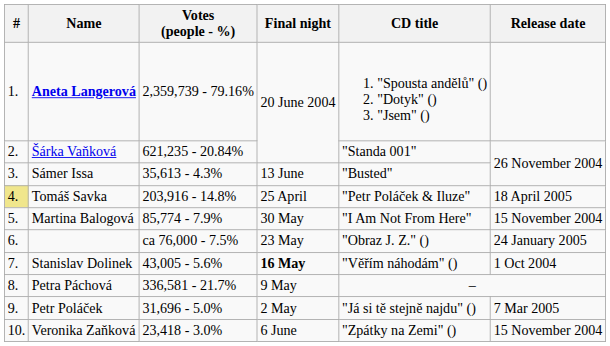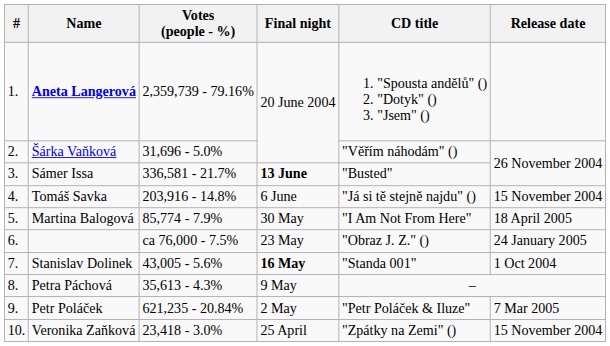 <table class=wikitable>
 <tr>
 <th>#</th>
 <th>Name</th>
 <th>Votes <br>(people - %)</th>
 <th>Final night</th>
 <th>CD title</th>
 <th>Release date</th>
 </tr>
 <tr>
 <td>1.</td>
 <td><strong><a href='#'>Aneta Langerová</a></strong></td>
 <td>2,359,739 - 79.16%</td>
 <td rowspan = 2>20 June 2004</td>
 <td><br><ol><li>"Spousta andělů" ()</li><li>"Dotyk" ()</li><li>"Jsem" ()</li></ol></td>
 <td></td>
 </tr>
 <tr>
 <td>2.</td>
 <td><a href='#'>Šárka Vaňková</a></td>
-<td>621,235 - 20.84%</td>
-<td>"Standa 001"</td>
+<td>31,696 - 5.0%</td>
+<td>"Věřím náhodám" ()</td>
 <td rowspan=2>26 November 2004</td>
 </tr>
 <tr>
 <td>3.</td>
 <td>Sámer Issa</td>
-<td>35,613 - 4.3%</td>
-<td>13 June</td>
+<td>336,581 - 21.7%</td>
+<td><strong>13 June</strong></td>
 <td>"Busted"</td>
 </tr>
 <tr>
-<td style="background: khaki;">4.</td>
+<td>4.</td>
 <td>Tomáš Savka</td>
 <td>203,916 - 14.8%</td>
-<td>25 April</td>
-<td>"Petr Poláček & Iluze"</td>
-<td>18 April 2005</td>
+<td>6 June</td>
+<td>"Já si tě stejně najdu" ()</td>
+<td>15 November 2004</td>
 </tr>
 <tr>
 <td>5.</td>
 <td>Martina Balogová</td>
 <td>85,774 - 7.9%</td>
 <td>30 May</td>
 <td>"I Am Not From Here"</td>
-<td>15 November 2004</td>
+<td>18 April 2005</td>
 </tr>
 <tr>
 <td>6.</td>
 <td></td>
 <td>ca 76,000 - 7.5%</td>
 <td>23 May</td>
 <td>"Obraz J. Z." ()</td>
 <td>24 January 2005</td>
 </tr>
 <tr>
 <td>7.</td>
 <td>Stanislav Dolinek</td>
 <td>43,005 - 5.6%</td>
 <td><strong>16 May</strong></td>
-<td>"Věřím náhodám" ()</td>
+<td>"Standa 001"</td>
 <td>1 Oct 2004</td>
 </tr>
 <tr>
 <td>8.</td>
 <td>Petra Páchová</td>
-<td>336,581 - 21.7%</td>
+<td>35,613 - 4.3%</td>
 <td>9 May</td>
 <td colspan=2 align=center>–</td>
 </tr>
 <tr>
 <td>9.</td>
 <td>Petr Poláček</td>
-<td>31,696 - 5.0%</td>
+<td>621,235 - 20.84%</td>
 <td>2 May</td>
-<td>"Já si tě stejně najdu" ()</td>
+<td>"Petr Poláček & Iluze"</td>
 <td>7 Mar 2005</td>
 </tr>
 <tr>
 <td>10.</td>
 <td>Veronika Zaňková</td>
 <td>23,418 - 3.0%</td>
-<td>6 June</td>
+<td>25 April</td>
 <td>"Zpátky na Zemi" ()</td>
 <td>15 November 2004</td>
 </tr>
 </table>
